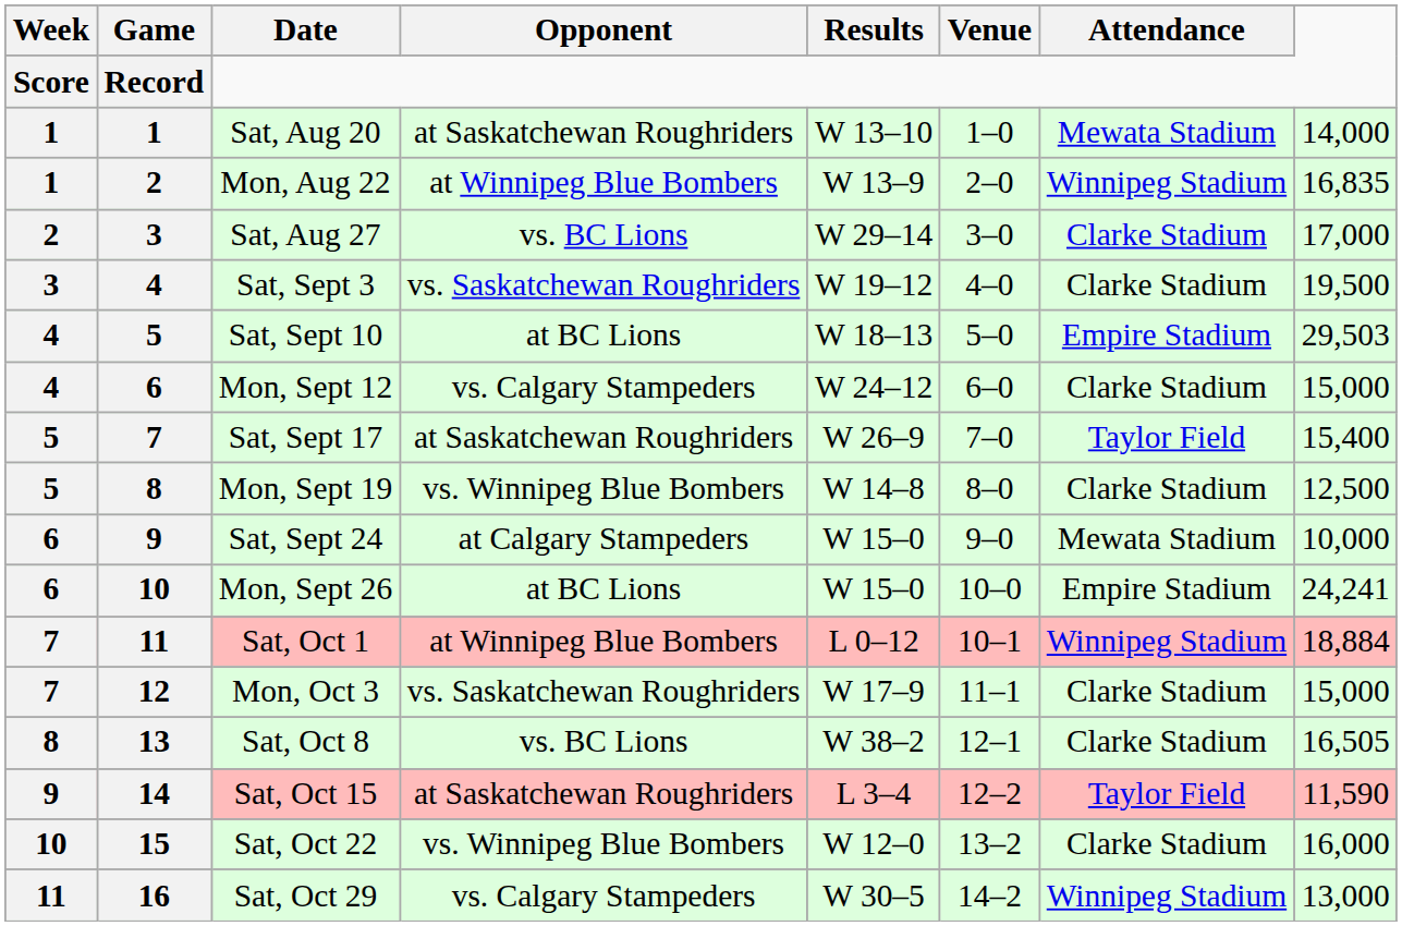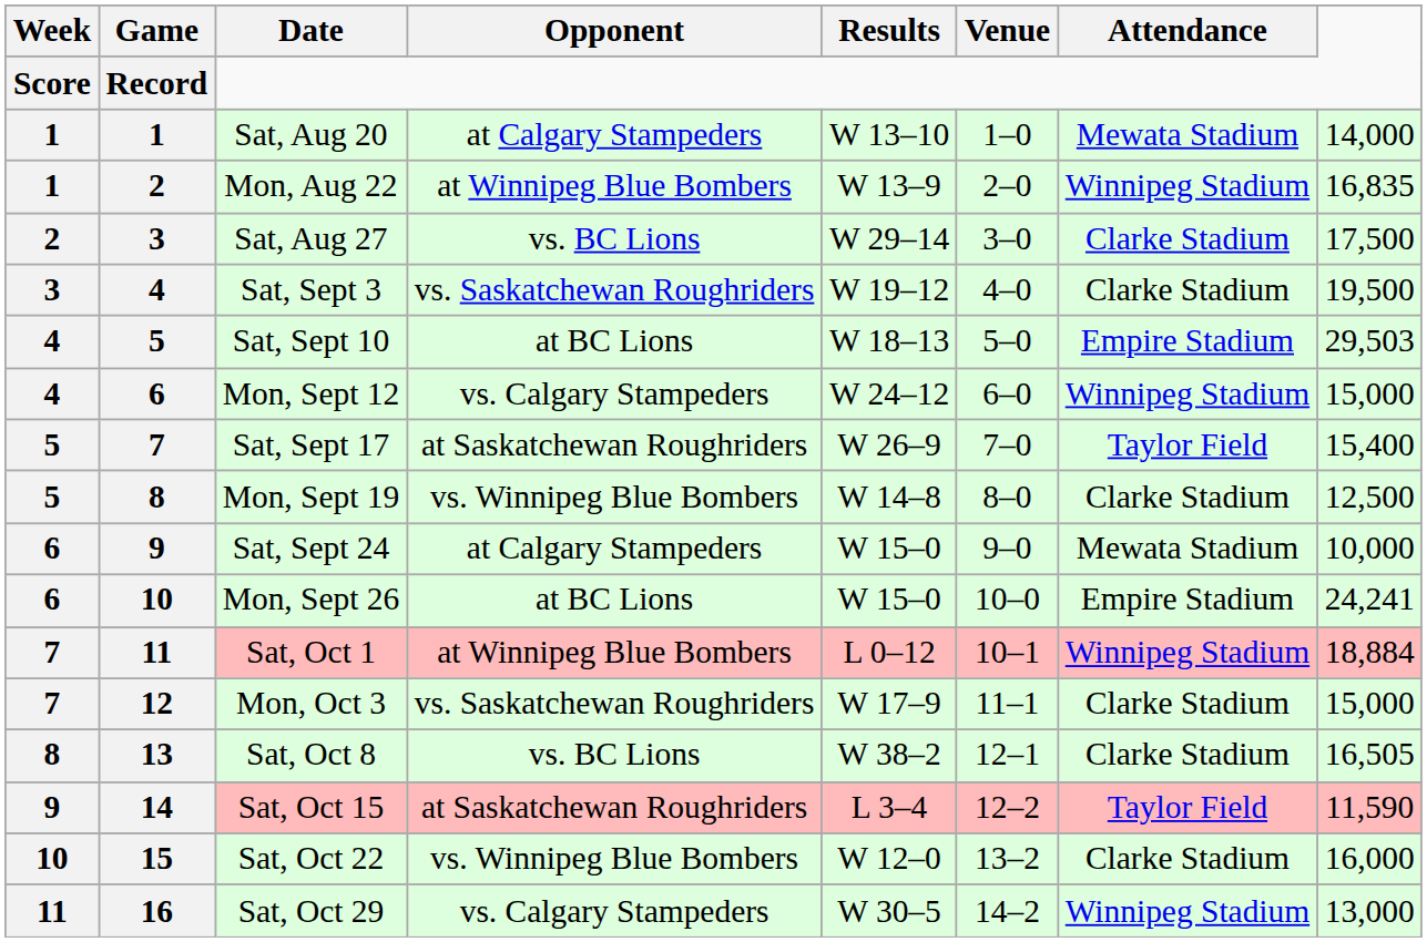 <table class="wikitable" style="text-align:center">
 <tr>
 <th>Week</th>
 <th>Game</th>
 <th>Date</th>
 <th>Opponent</th>
 <th>Results</th>
 <th>Venue</th>
 <th>Attendance</th>
 </tr>
 <tr>
 <th>Score</th>
 <th>Record</th>
 </tr>
 <tr style="background:#ddffdd">
 <th>1</th>
 <th>1</th>
 <td>Sat, Aug 20</td>
-<td>at Saskatchewan Roughriders</td>
+<td>at <a href='#'>Calgary Stampeders</a></td>
 <td>W 13–10</td>
 <td>1–0</td>
 <td><a href='#'>Mewata Stadium</a></td>
 <td>14,000</td>
 </tr>
 <tr style="background:#ddffdd">
 <th>1</th>
 <th>2</th>
 <td>Mon, Aug 22</td>
 <td>at <a href='#'>Winnipeg Blue Bombers</a></td>
 <td>W 13–9</td>
 <td>2–0</td>
 <td><a href='#'>Winnipeg Stadium</a></td>
 <td>16,835</td>
 </tr>
 <tr style="background:#ddffdd">
 <th>2</th>
 <th>3</th>
 <td>Sat, Aug 27</td>
 <td>vs. <a href='#'>BC Lions</a></td>
 <td>W 29–14</td>
 <td>3–0</td>
 <td><a href='#'>Clarke Stadium</a></td>
-<td>17,000</td>
+<td>17,500</td>
 </tr>
 <tr style="background:#ddffdd">
 <th>3</th>
 <th>4</th>
 <td>Sat, Sept 3</td>
 <td>vs. <a href='#'>Saskatchewan Roughriders</a></td>
 <td>W 19–12</td>
 <td>4–0</td>
 <td>Clarke Stadium</td>
 <td>19,500</td>
 </tr>
 <tr style="background:#ddffdd">
 <th>4</th>
 <th>5</th>
 <td>Sat, Sept 10</td>
 <td>at BC Lions</td>
 <td>W 18–13</td>
 <td>5–0</td>
 <td><a href='#'>Empire Stadium</a></td>
 <td>29,503</td>
 </tr>
 <tr style="background:#ddffdd">
 <th>4</th>
 <th>6</th>
 <td>Mon, Sept 12</td>
 <td>vs. Calgary Stampeders</td>
 <td>W 24–12</td>
 <td>6–0</td>
-<td>Clarke Stadium</td>
+<td><a href='#'>Winnipeg Stadium</a></td>
 <td>15,000</td>
 </tr>
 <tr style="background:#ddffdd">
 <th>5</th>
 <th>7</th>
 <td>Sat, Sept 17</td>
 <td>at Saskatchewan Roughriders</td>
 <td>W 26–9</td>
 <td>7–0</td>
 <td><a href='#'>Taylor Field</a></td>
 <td>15,400</td>
 </tr>
 <tr style="background:#ddffdd">
 <th>5</th>
 <th>8</th>
 <td>Mon, Sept 19</td>
 <td>vs. Winnipeg Blue Bombers</td>
 <td>W 14–8</td>
 <td>8–0</td>
 <td>Clarke Stadium</td>
 <td>12,500</td>
 </tr>
 <tr style="background:#ddffdd">
 <th>6</th>
 <th>9</th>
 <td>Sat, Sept 24</td>
 <td>at Calgary Stampeders</td>
 <td>W 15–0</td>
 <td>9–0</td>
 <td>Mewata Stadium</td>
 <td>10,000</td>
 </tr>
 <tr style="background:#ddffdd">
 <th>6</th>
 <th>10</th>
 <td>Mon, Sept 26</td>
 <td>at BC Lions</td>
 <td>W 15–0</td>
 <td>10–0</td>
 <td>Empire Stadium</td>
 <td>24,241</td>
 </tr>
 <tr style="background:#ffbbbb">
 <th>7</th>
 <th>11</th>
 <td>Sat, Oct 1</td>
 <td>at Winnipeg Blue Bombers</td>
 <td>L 0–12</td>
 <td>10–1</td>
 <td><a href='#'>Winnipeg Stadium</a></td>
 <td>18,884</td>
 </tr>
 <tr style="background:#ddffdd">
 <th>7</th>
 <th>12</th>
 <td>Mon, Oct 3</td>
 <td>vs. Saskatchewan Roughriders</td>
 <td>W 17–9</td>
 <td>11–1</td>
 <td>Clarke Stadium</td>
 <td>15,000</td>
 </tr>
 <tr style="background:#ddffdd">
 <th>8</th>
 <th>13</th>
 <td>Sat, Oct 8</td>
 <td>vs. BC Lions</td>
 <td>W 38–2</td>
 <td>12–1</td>
 <td>Clarke Stadium</td>
 <td>16,505</td>
 </tr>
 <tr style="background:#ffbbbb">
 <th>9</th>
 <th>14</th>
 <td>Sat, Oct 15</td>
 <td>at Saskatchewan Roughriders</td>
 <td>L 3–4</td>
 <td>12–2</td>
 <td><a href='#'>Taylor Field</a></td>
 <td>11,590</td>
 </tr>
 <tr style="background:#ddffdd">
 <th>10</th>
 <th>15</th>
 <td>Sat, Oct 22</td>
 <td>vs. Winnipeg Blue Bombers</td>
 <td>W 12–0</td>
 <td>13–2</td>
 <td>Clarke Stadium</td>
 <td>16,000</td>
 </tr>
 <tr style="background:#ddffdd">
 <th>11</th>
 <th>16</th>
 <td>Sat, Oct 29</td>
 <td>vs. Calgary Stampeders</td>
 <td>W 30–5</td>
 <td>14–2</td>
 <td><a href='#'>Winnipeg Stadium</a></td>
 <td>13,000</td>
 </tr>
 </table>
